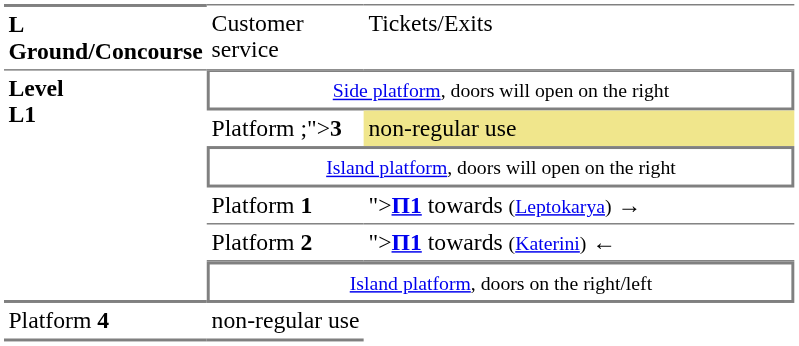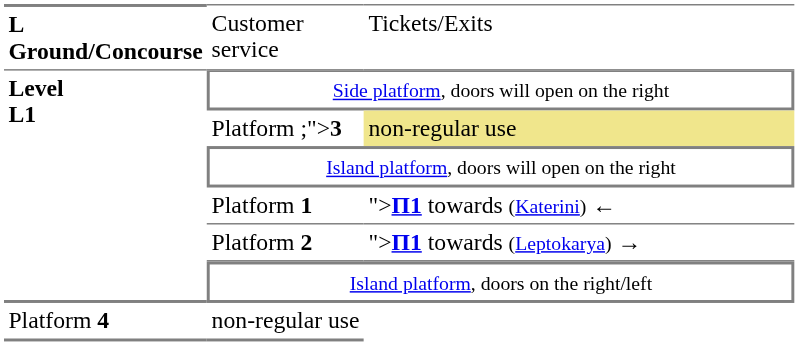 <table table border=0 cellspacing=0 cellpadding=3>
 <tr>
 <td style="border-bottom:solid 1px gray;border-top:solid 2px gray;" width=50 valign=top><strong>L<br>Ground/Concourse</strong></td>
 <td style="border-top:solid 1px gray;border-bottom:solid 1px gray;" width=100 valign=top>Customer service</td>
 <td style="border-top:solid 1px gray;border-bottom:solid 1px gray;" width=285 valign=top>Tickets/Exits</td>
 </tr>
 <tr>
 <td style="border-bottom:solid 2px gray;" rowspan=6 valign=top><strong>Level<br>L1</strong></td>
 <td style="border-top:solid 1px gray;border-right:solid 2px gray;border-left:solid 2px gray;border-bottom:solid 2px gray;text-align:center;" colspan=2><small><a href='#'>Side platform</a>, doors will open on the right</small></td>
 </tr>
 <tr>
 <td>Platform <span>;"><strong>3</strong></span></td>
 <td style="background: khaki;">non-regular use</td>
 </tr>
 <tr>
 <td style="border-top:solid 2px gray;border-right:solid 2px gray;border-left:solid 2px gray;border-bottom:solid 2px gray;text-align:center;" colspan=2><small><a href='#'>Island platform</a>, doors will open on the right</small></td>
 </tr>
 <tr>
 <td style="border-bottom:solid 1px gray;">Platform <span><strong>1</strong></span></td>
-<td style="border-bottom:solid 1px gray;"><span>"><a href='#'><span><strong>Π1</strong></span></a></span>  towards  <small>(<a href='#'>Leptokarya</a>)</small> →</td>
+<td style="border-bottom:solid 1px gray;"><span>"><a href='#'><span><strong>Π1</strong></span></a></span>  towards  <small>(<a href='#'>Katerini</a>)</small> ←</td>
 </tr>
 <tr>
 <td style="border-bottom:solid 1px gray;">Platform <span><strong>2</strong></span></td>
-<td style="border-bottom:solid 1px gray;"><span>"><a href='#'><span><strong>Π1</strong></span></a></span>  towards  <small>(<a href='#'>Katerini</a>)</small> ←</td>
+<td style="border-bottom:solid 1px gray;"><span>"><a href='#'><span><strong>Π1</strong></span></a></span>  towards  <small>(<a href='#'>Leptokarya</a>)</small> →</td>
 </tr>
 <tr>
 <td style="border-top:solid 2px gray;border-right:solid 2px gray;border-left:solid 2px gray;border-bottom:solid 2px gray;text-align:center;" colspan=2><small><a href='#'>Island platform</a>, doors on the right/left</small></td>
 </tr>
 <tr>
 <td style="border-bottom:solid 2px gray;">Platform <span><strong>4</strong></span></td>
 <td style="border-bottom:solid 2px gray;">non-regular use</td>
 </tr>
 </table>
